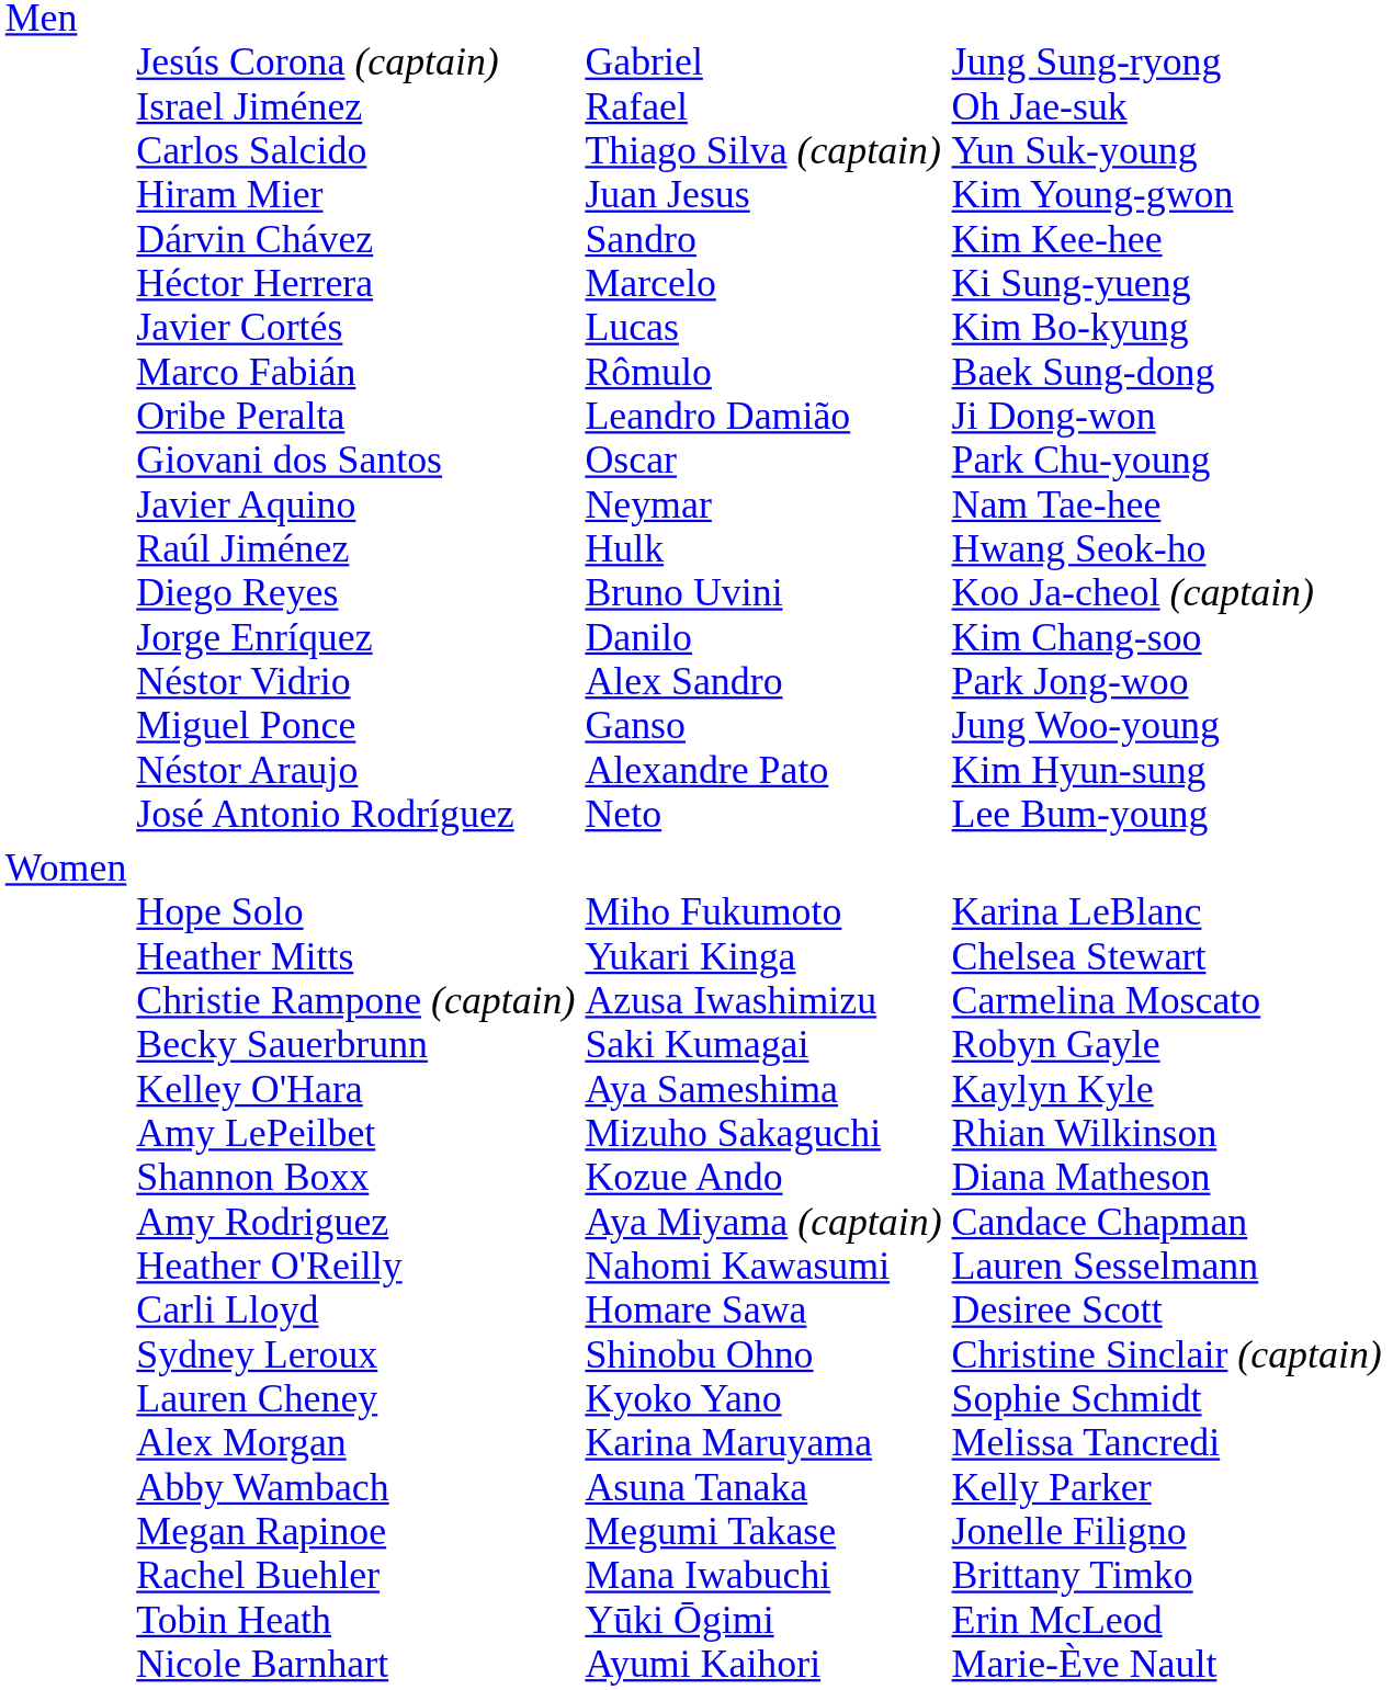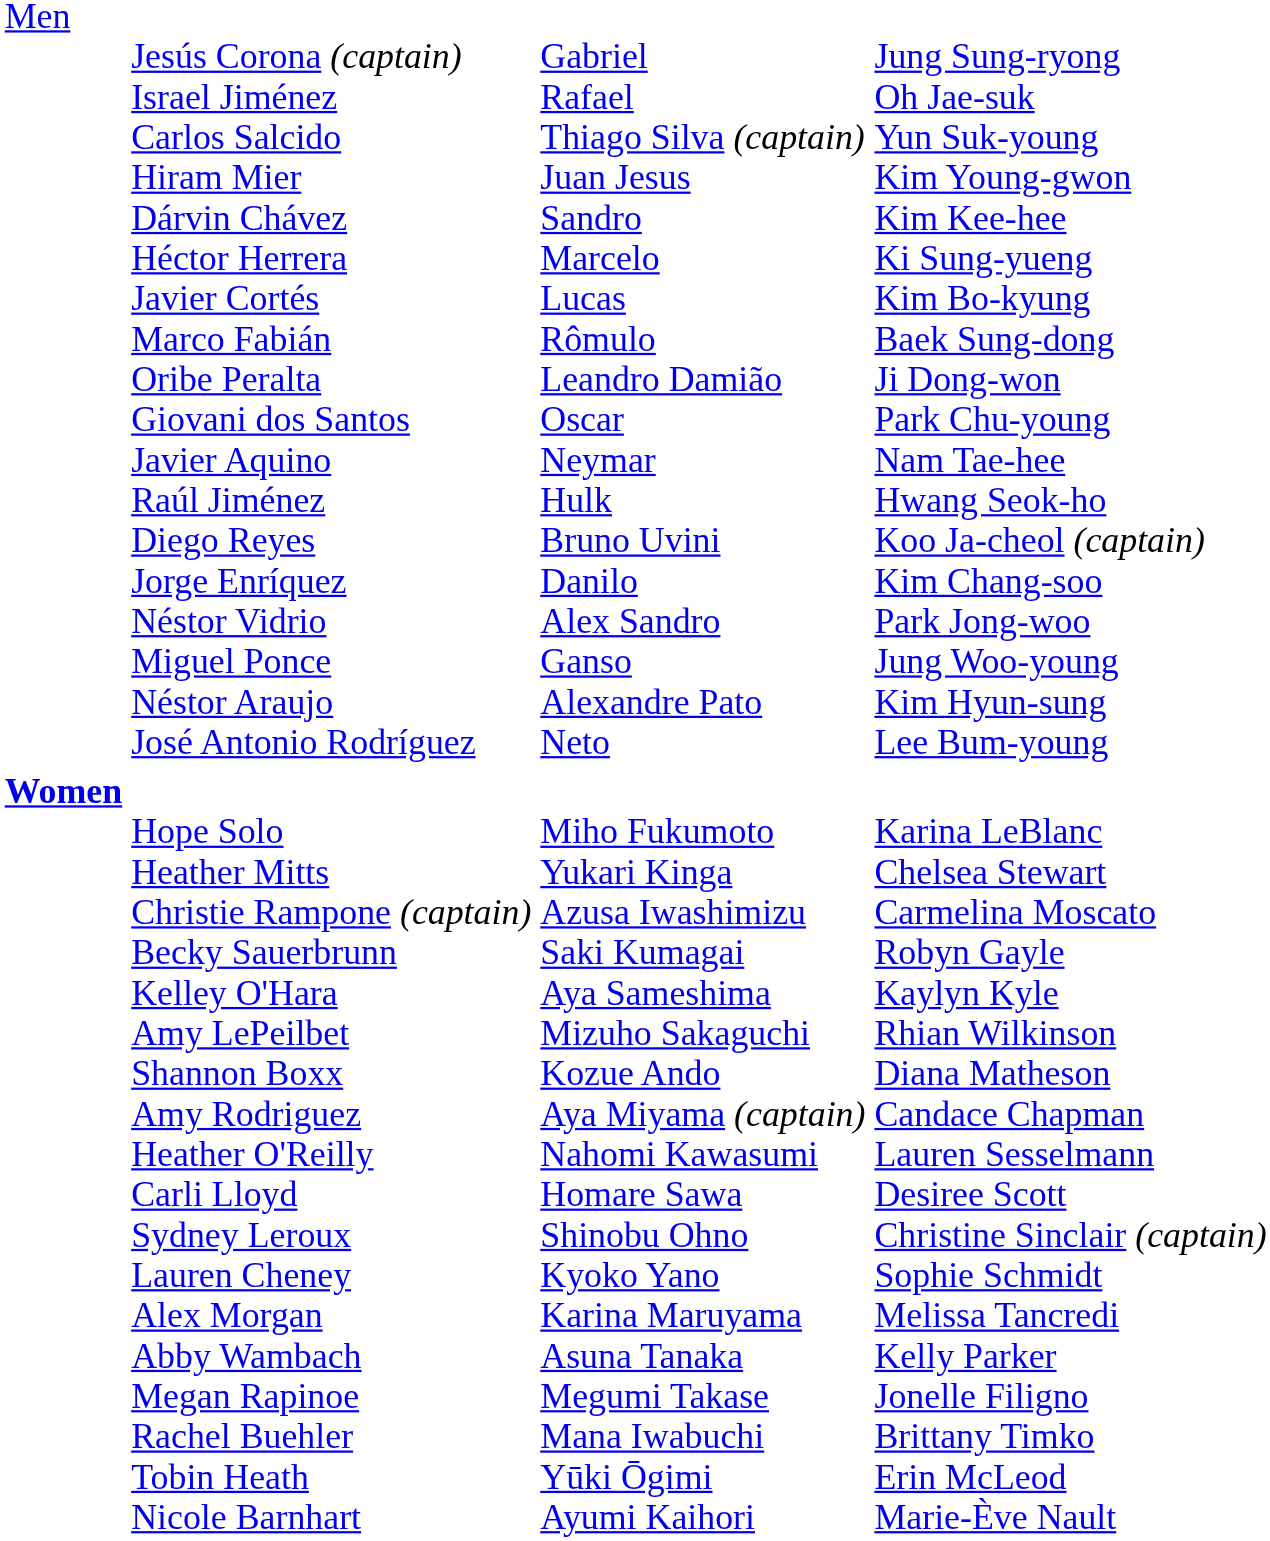 <table>
 <tr valign="top">
 <td><a href='#'>Men</a></td>
 <td><br><a href='#'>Jesús Corona</a> <em>(captain)</em><br><a href='#'>Israel Jiménez</a><br><a href='#'>Carlos Salcido</a><br><a href='#'>Hiram Mier</a><br><a href='#'>Dárvin Chávez</a><br><a href='#'>Héctor Herrera</a><br><a href='#'>Javier Cortés</a><br><a href='#'>Marco Fabián</a><br><a href='#'>Oribe Peralta</a><br><a href='#'>Giovani dos Santos</a><br><a href='#'>Javier Aquino</a><br><a href='#'>Raúl Jiménez</a><br><a href='#'>Diego Reyes</a><br><a href='#'>Jorge Enríquez</a><br><a href='#'>Néstor Vidrio</a><br><a href='#'>Miguel Ponce</a><br><a href='#'>Néstor Araujo</a><br><a href='#'>José Antonio Rodríguez</a></td>
 <td><br><a href='#'>Gabriel</a><br><a href='#'>Rafael</a><br><a href='#'>Thiago Silva</a> <em>(captain)</em><br><a href='#'>Juan Jesus</a><br><a href='#'>Sandro</a><br><a href='#'>Marcelo</a><br><a href='#'>Lucas</a><br><a href='#'>Rômulo</a><br><a href='#'>Leandro Damião</a><br><a href='#'>Oscar</a><br><a href='#'>Neymar</a><br><a href='#'>Hulk</a><br><a href='#'>Bruno Uvini</a><br><a href='#'>Danilo</a><br><a href='#'>Alex Sandro</a><br><a href='#'>Ganso</a><br><a href='#'>Alexandre Pato</a><br><a href='#'>Neto</a></td>
 <td valign=top><br><a href='#'>Jung Sung-ryong</a><br><a href='#'>Oh Jae-suk</a><br><a href='#'>Yun Suk-young</a><br><a href='#'>Kim Young-gwon</a><br><a href='#'>Kim Kee-hee</a><br><a href='#'>Ki Sung-yueng</a><br><a href='#'>Kim Bo-kyung</a><br><a href='#'>Baek Sung-dong</a><br><a href='#'>Ji Dong-won</a><br><a href='#'>Park Chu-young</a><br><a href='#'>Nam Tae-hee</a><br><a href='#'>Hwang Seok-ho</a><br><a href='#'>Koo Ja-cheol</a> <em>(captain)</em><br><a href='#'>Kim Chang-soo</a><br><a href='#'>Park Jong-woo</a><br><a href='#'>Jung Woo-young</a><br><a href='#'>Kim Hyun-sung</a><br><a href='#'>Lee Bum-young</a></td>
 </tr>
 <tr valign="top">
-<td><a href='#'>Women</a></td>
+<td><strong><a href='#'>Women</a></strong></td>
 <td valign=top><br><a href='#'>Hope Solo</a><br><a href='#'>Heather Mitts</a><br><a href='#'>Christie Rampone</a> <em>(captain)</em><br><a href='#'>Becky Sauerbrunn</a><br><a href='#'>Kelley O'Hara</a><br><a href='#'>Amy LePeilbet</a><br><a href='#'>Shannon Boxx</a><br><a href='#'>Amy Rodriguez</a><br><a href='#'>Heather O'Reilly</a><br><a href='#'>Carli Lloyd</a><br><a href='#'>Sydney Leroux</a><br><a href='#'>Lauren Cheney</a><br><a href='#'>Alex Morgan</a><br><a href='#'>Abby Wambach</a><br><a href='#'>Megan Rapinoe</a><br><a href='#'>Rachel Buehler</a><br><a href='#'>Tobin Heath</a><br><a href='#'>Nicole Barnhart</a></td>
 <td valign=top><br><a href='#'>Miho Fukumoto</a><br><a href='#'>Yukari Kinga</a><br><a href='#'>Azusa Iwashimizu</a><br><a href='#'>Saki Kumagai</a><br><a href='#'>Aya Sameshima</a><br><a href='#'>Mizuho Sakaguchi</a><br><a href='#'>Kozue Ando</a><br><a href='#'>Aya Miyama</a> <em>(captain)</em><br><a href='#'>Nahomi Kawasumi</a><br><a href='#'>Homare Sawa</a><br><a href='#'>Shinobu Ohno</a><br><a href='#'>Kyoko Yano</a><br><a href='#'>Karina Maruyama</a><br><a href='#'>Asuna Tanaka</a><br><a href='#'>Megumi Takase</a><br><a href='#'>Mana Iwabuchi</a><br><a href='#'>Yūki Ōgimi</a><br><a href='#'>Ayumi Kaihori</a></td>
 <td valign=top><br><a href='#'>Karina LeBlanc</a><br><a href='#'>Chelsea Stewart</a><br><a href='#'>Carmelina Moscato</a><br><a href='#'>Robyn Gayle</a><br><a href='#'>Kaylyn Kyle</a><br><a href='#'>Rhian Wilkinson</a><br><a href='#'>Diana Matheson</a><br><a href='#'>Candace Chapman</a><br><a href='#'>Lauren Sesselmann</a><br><a href='#'>Desiree Scott</a><br><a href='#'>Christine Sinclair</a> <em>(captain)</em><br><a href='#'>Sophie Schmidt</a><br><a href='#'>Melissa Tancredi</a><br><a href='#'>Kelly Parker</a><br><a href='#'>Jonelle Filigno</a><br><a href='#'>Brittany Timko</a><br><a href='#'>Erin McLeod</a><br><a href='#'>Marie-Ève Nault</a></td>
 </tr>
 </table>
